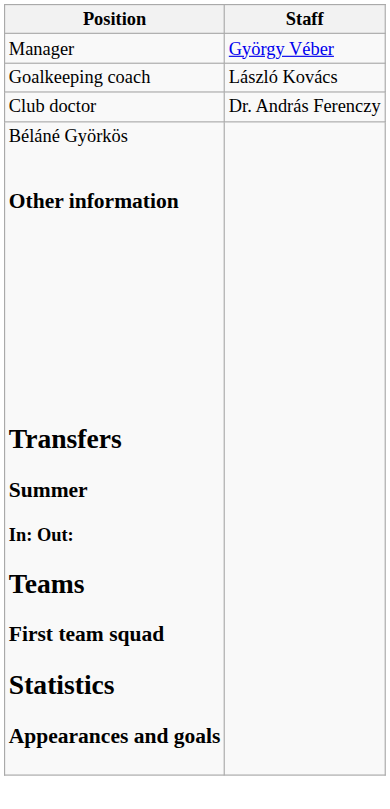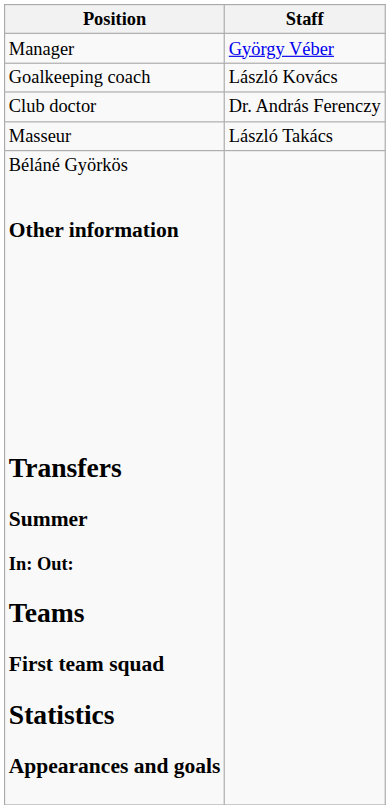 <table class="wikitable">
 <tr>
 <th>Position</th>
 <th>Staff</th>
 </tr>
 <tr>
 <td>Manager</td>
 <td> <a href='#'>György Véber</a></td>
 </tr>
 <tr>
 <td>Goalkeeping coach</td>
 <td> László Kovács</td>
 </tr>
 <tr>
 <td rowspan="1">Club doctor</td>
 <td> Dr. András Ferenczy</td>
 </tr>
 <tr>
+<td rowspan="1">Masseur</td>
+<td> László Takács</td>
+</tr>
+<tr>
 <td Custodian> Béláné Györkös<br><br><h3>Other information</h3><br><br><br><br><br><br><br><br><h2>Transfers</h2><h3>Summer</h3>  <strong>In:</strong>          <strong>Out:</strong>      <h2>Teams</h2><h3>First team squad</h3>                          <h2>Statistics</h2><h3>Appearances and goals</h3>                        </td>
 </tr>
 </table>
